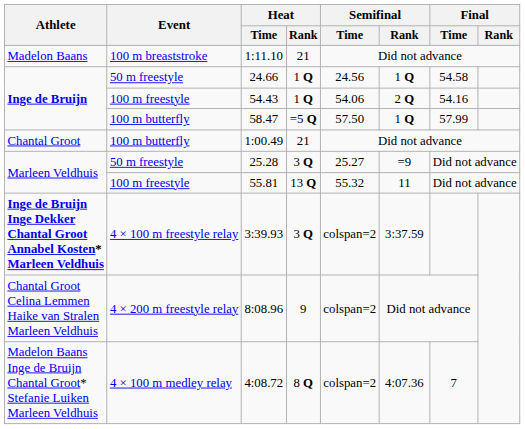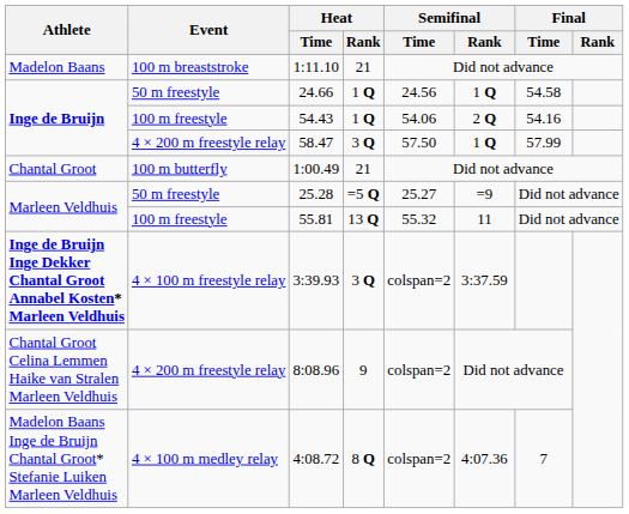 <table class=wikitable style="font-size:90%">
 <tr>
 <th rowspan="2">Athlete</th>
 <th rowspan="2">Event</th>
 <th colspan="2">Heat</th>
 <th colspan="2">Semifinal</th>
 <th colspan="2">Final</th>
 </tr>
 <tr style="font-size:95%">
 <th>Time</th>
 <th>Rank</th>
 <th>Time</th>
 <th>Rank</th>
 <th>Time</th>
 <th>Rank</th>
 </tr>
 <tr align=center>
 <td align=left><a href='#'>Madelon Baans</a></td>
 <td align=left><a href='#'>100 m breaststroke</a></td>
 <td>1:11.10</td>
 <td>21</td>
 <td colspan=4>Did not advance</td>
 </tr>
 <tr align=center>
 <td align=left rowspan=3><strong><a href='#'>Inge de Bruijn</a></strong></td>
 <td align=left><a href='#'>50 m freestyle</a></td>
 <td>24.66</td>
 <td>1 <strong>Q</strong></td>
 <td>24.56</td>
 <td>1 <strong>Q</strong></td>
 <td>54.58</td>
 <td></td>
 </tr>
 <tr align=center>
 <td align=left><a href='#'>100 m freestyle</a></td>
 <td>54.43</td>
 <td>1 <strong>Q</strong></td>
 <td>54.06</td>
 <td>2 <strong>Q</strong></td>
 <td>54.16</td>
 <td></td>
 </tr>
 <tr align=center>
-<td align=left><a href='#'>100 m butterfly</a></td>
+<td align=left><a href='#'>4 × 200 m freestyle relay</a></td>
 <td>58.47</td>
-<td>=5 <strong>Q</strong></td>
+<td>3 <strong>Q</strong></td>
 <td>57.50</td>
 <td>1 <strong>Q</strong></td>
 <td>57.99</td>
 <td></td>
 </tr>
 <tr align=center>
 <td align=left><a href='#'>Chantal Groot</a></td>
 <td align=left><a href='#'>100 m butterfly</a></td>
 <td>1:00.49</td>
 <td>21</td>
 <td colspan=4>Did not advance</td>
 </tr>
 <tr align=center>
 <td align=left rowspan=2><a href='#'>Marleen Veldhuis</a></td>
 <td align=left><a href='#'>50 m freestyle</a></td>
 <td>25.28</td>
-<td>3 <strong>Q</strong></td>
+<td>=5 <strong>Q</strong></td>
 <td>25.27</td>
 <td>=9</td>
 <td colspan=2>Did not advance</td>
 </tr>
 <tr align=center>
 <td align=left><a href='#'>100 m freestyle</a></td>
 <td>55.81</td>
 <td>13 <strong>Q</strong></td>
 <td>55.32</td>
 <td>11</td>
 <td colspan=2>Did not advance</td>
 </tr>
 <tr align=center>
 <td align=left><strong><a href='#'>Inge de Bruijn</a><br><a href='#'>Inge Dekker</a><br><a href='#'>Chantal Groot</a><br><a href='#'>Annabel Kosten</a>*<br><a href='#'>Marleen Veldhuis</a></strong></td>
 <td align=left><a href='#'>4 × 100 m freestyle relay</a></td>
 <td>3:39.93</td>
 <td>3 <strong>Q</strong></td>
 <td>colspan=2 </td>
 <td>3:37.59</td>
 <td></td>
 </tr>
 <tr align=center>
 <td align=left><a href='#'>Chantal Groot</a><br><a href='#'>Celina Lemmen</a><br><a href='#'>Haike van Stralen</a><br><a href='#'>Marleen Veldhuis</a></td>
 <td align=left><a href='#'>4 × 200 m freestyle relay</a></td>
 <td>8:08.96</td>
 <td>9</td>
 <td>colspan=2 </td>
 <td colspan=2>Did not advance</td>
 </tr>
 <tr align=center>
 <td align=left><a href='#'>Madelon Baans</a><br><a href='#'>Inge de Bruijn</a><br><a href='#'>Chantal Groot</a>*<br><a href='#'>Stefanie Luiken</a><br><a href='#'>Marleen Veldhuis</a></td>
 <td align=left><a href='#'>4 × 100 m medley relay</a></td>
 <td>4:08.72</td>
 <td>8 <strong>Q</strong></td>
 <td>colspan=2 </td>
 <td>4:07.36</td>
 <td>7</td>
 </tr>
 </table>
